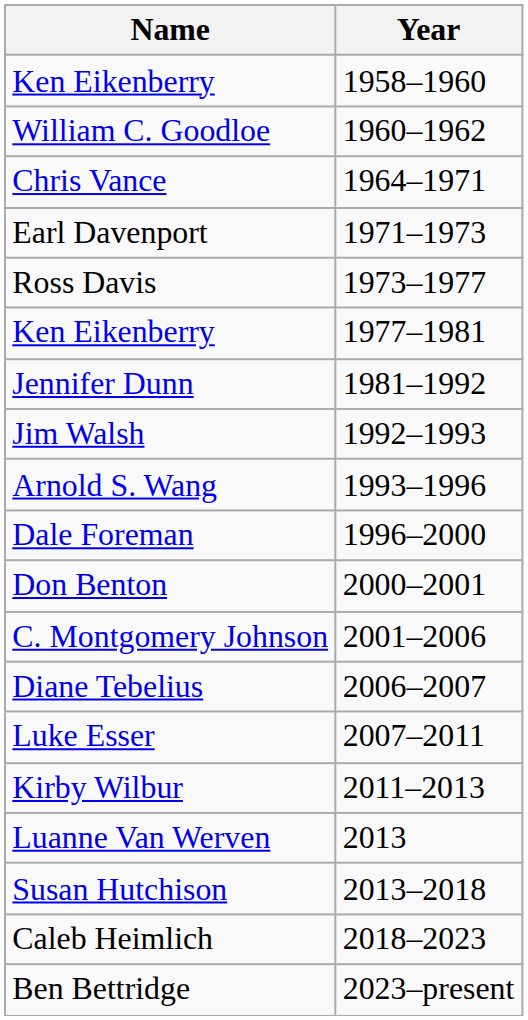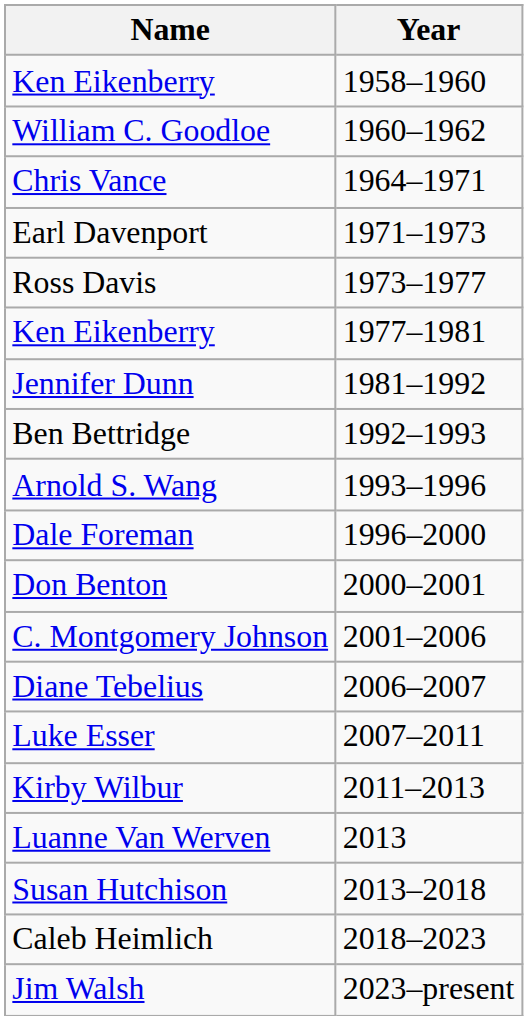 <table class="wikitable sortable">
 <tr>
 <th>Name</th>
 <th>Year</th>
 </tr>
 <tr>
 <td><a href='#'>Ken Eikenberry</a></td>
 <td>1958–1960</td>
 </tr>
 <tr>
 <td><a href='#'>William C. Goodloe</a></td>
 <td>1960–1962</td>
 </tr>
 <tr>
 <td><a href='#'>Chris Vance</a></td>
 <td>1964–1971</td>
 </tr>
 <tr>
 <td>Earl Davenport</td>
 <td>1971–1973</td>
 </tr>
 <tr>
 <td>Ross Davis</td>
 <td>1973–1977</td>
 </tr>
 <tr>
 <td><a href='#'>Ken Eikenberry</a></td>
 <td>1977–1981</td>
 </tr>
 <tr>
 <td><a href='#'>Jennifer Dunn</a></td>
 <td>1981–1992</td>
 </tr>
 <tr>
-<td><a href='#'>Jim Walsh</a></td>
+<td>Ben Bettridge</td>
 <td>1992–1993</td>
 </tr>
 <tr>
 <td><a href='#'>Arnold S. Wang</a></td>
 <td>1993–1996</td>
 </tr>
 <tr>
 <td><a href='#'>Dale Foreman</a></td>
 <td>1996–2000</td>
 </tr>
 <tr>
 <td><a href='#'>Don Benton</a></td>
 <td>2000–2001</td>
 </tr>
 <tr>
 <td><a href='#'>C. Montgomery Johnson</a></td>
 <td>2001–2006</td>
 </tr>
 <tr>
 <td><a href='#'>Diane Tebelius</a></td>
 <td>2006–2007</td>
 </tr>
 <tr>
 <td><a href='#'>Luke Esser</a></td>
 <td>2007–2011</td>
 </tr>
 <tr>
 <td><a href='#'>Kirby Wilbur</a></td>
 <td>2011–2013</td>
 </tr>
 <tr>
 <td><a href='#'>Luanne Van Werven</a></td>
 <td>2013</td>
 </tr>
 <tr>
 <td><a href='#'>Susan Hutchison</a></td>
 <td>2013–2018</td>
 </tr>
 <tr>
 <td>Caleb Heimlich</td>
 <td>2018–2023</td>
 </tr>
 <tr>
-<td>Ben Bettridge</td>
+<td><a href='#'>Jim Walsh</a></td>
 <td>2023–present</td>
 </tr>
 </table>
